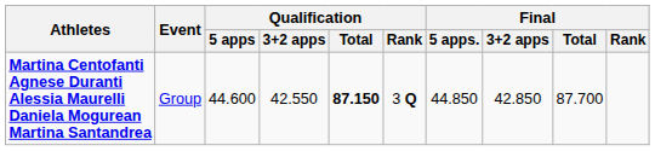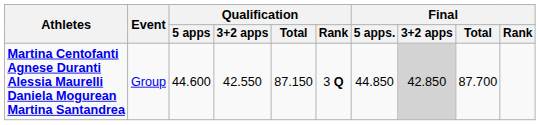 <table class="wikitable" style="font-size:90%">
 <tr>
 <th rowspan="2">Athletes</th>
 <th rowspan="2">Event</th>
 <th colspan="4">Qualification</th>
 <th colspan="4">Final</th>
 </tr>
 <tr style="font-size:95%">
 <th>5 apps</th>
 <th>3+2 apps</th>
 <th>Total</th>
 <th>Rank</th>
 <th>5 apps.</th>
 <th>3+2 apps</th>
 <th>Total</th>
 <th>Rank</th>
 </tr>
 <tr align=center>
 <td align=left><strong><a href='#'>Martina Centofanti</a><br><a href='#'>Agnese Duranti</a><br><a href='#'>Alessia Maurelli</a><br><a href='#'>Daniela Mogurean</a><br><a href='#'>Martina Santandrea</a></strong></td>
 <td align=left><a href='#'>Group</a></td>
 <td>44.600</td>
 <td>42.550</td>
-<td><strong>87.150</strong></td>
+<td>87.150</td>
 <td>3 <strong>Q</strong></td>
 <td>44.850</td>
-<td>42.850</td>
+<td style="background: lightgrey;">42.850</td>
 <td>87.700</td>
 <td></td>
 </tr>
 </table>
